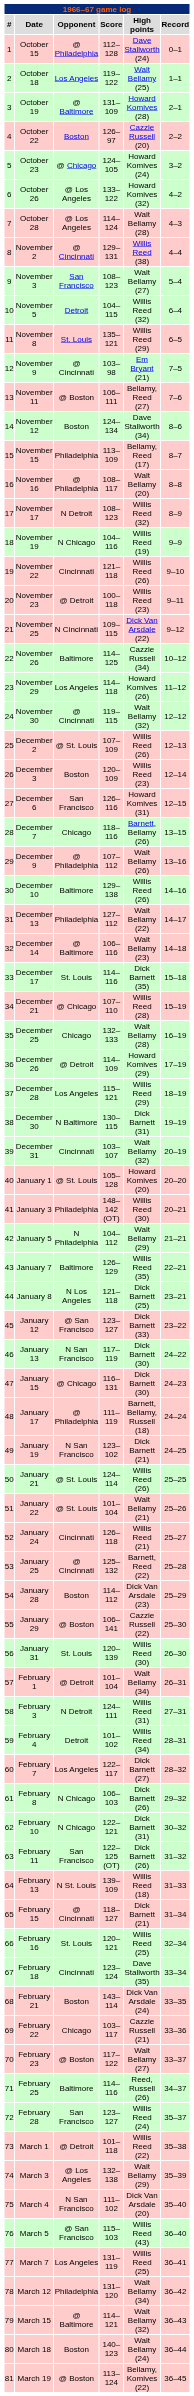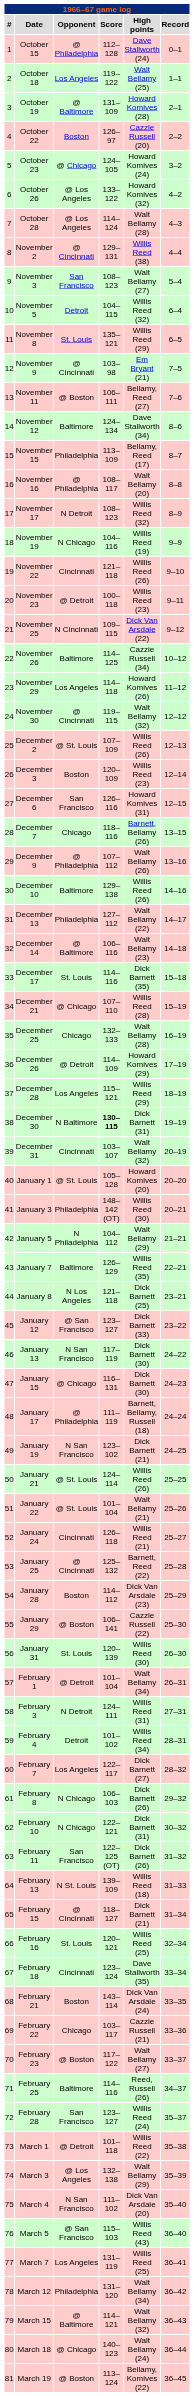 <table class="toccolours collapsible" width=50% style="clear:both; margin:1.5em auto; text-align:center">
 <tr>
 <th colspan=11 style="background:#062A78; color:#FF5F00;">1966–67 game log</th>
 </tr>
 <tr align="center" bgcolor="#dddddd">
 <td><strong>#</strong></td>
 <td><strong>Date</strong></td>
 <td><strong>Opponent</strong></td>
 <td><strong>Score</strong></td>
 <td><strong>High points</strong></td>
 <td><strong>Record</strong></td>
 </tr>
 <tr align="center" bgcolor="ffcccc">
 <td>1</td>
 <td>October 15</td>
 <td>@ <a href='#'>Philadelphia</a></td>
 <td>112–128</td>
 <td><a href='#'>Dave Stallworth</a> (24)</td>
 <td>0–1</td>
 </tr>
 <tr align="center" bgcolor="ccffcc">
 <td>2</td>
 <td>October 18</td>
 <td><a href='#'>Los Angeles</a></td>
 <td>119–122</td>
 <td><a href='#'>Walt Bellamy</a> (25)</td>
 <td>1–1</td>
 </tr>
 <tr align="center" bgcolor="ccffcc">
 <td>3</td>
 <td>October 19</td>
 <td>@ <a href='#'>Baltimore</a></td>
 <td>131–109</td>
 <td><a href='#'>Howard Komives</a> (28)</td>
 <td>2–1</td>
 </tr>
 <tr align="center" bgcolor="ffcccc">
 <td>4</td>
 <td>October 22</td>
 <td><a href='#'>Boston</a></td>
 <td>126–97</td>
 <td><a href='#'>Cazzie Russell</a> (20)</td>
 <td>2–2</td>
 </tr>
 <tr align="center" bgcolor="ccffcc">
 <td>5</td>
 <td>October 23</td>
 <td>@ <a href='#'>Chicago</a></td>
 <td>124–105</td>
 <td>Howard Komives (24)</td>
 <td>3–2</td>
 </tr>
 <tr align="center" bgcolor="ccffcc">
 <td>6</td>
 <td>October 26</td>
 <td>@ Los Angeles</td>
 <td>133–122</td>
 <td>Howard Komives (32)</td>
 <td>4–2</td>
 </tr>
 <tr align="center" bgcolor="ffcccc">
 <td>7</td>
 <td>October 28</td>
 <td>@ Los Angeles</td>
 <td>114–124</td>
 <td>Walt Bellamy (28)</td>
 <td>4–3</td>
 </tr>
 <tr align="center" bgcolor="ffcccc">
 <td>8</td>
 <td>November 2</td>
 <td>@ <a href='#'>Cincinnati</a></td>
 <td>129–131</td>
 <td><a href='#'>Willis Reed</a> (38)</td>
 <td>4–4</td>
 </tr>
 <tr align="center" bgcolor="ccffcc">
 <td>9</td>
 <td>November 3</td>
 <td><a href='#'>San Francisco</a></td>
 <td>108–123</td>
 <td>Walt Bellamy (27)</td>
 <td>5–4</td>
 </tr>
 <tr align="center" bgcolor="ccffcc">
 <td>10</td>
 <td>November 5</td>
 <td><a href='#'>Detroit</a></td>
 <td>104–115</td>
 <td>Willis Reed (32)</td>
 <td>6–4</td>
 </tr>
 <tr align="center" bgcolor="ffcccc">
 <td>11</td>
 <td>November 8</td>
 <td><a href='#'>St. Louis</a></td>
 <td>135–121</td>
 <td>Willis Reed (29)</td>
 <td>6–5</td>
 </tr>
 <tr align="center" bgcolor="ccffcc">
 <td>12</td>
 <td>November 9</td>
 <td>@ Cincinnati</td>
 <td>103–98</td>
 <td><a href='#'>Em Bryant</a> (21)</td>
 <td>7–5</td>
 </tr>
 <tr align="center" bgcolor="ffcccc">
 <td>13</td>
 <td>November 11</td>
 <td>@ Boston</td>
 <td>106–111</td>
 <td>Bellamy, Reed (27)</td>
 <td>7–6</td>
 </tr>
 <tr align="center" bgcolor="ccffcc">
 <td>14</td>
 <td>November 12</td>
-<td>Boston</td>
+<td>Baltimore</td>
 <td>124–134</td>
 <td>Dave Stallworth (34)</td>
 <td>8–6</td>
 </tr>
 <tr align="center" bgcolor="ffcccc">
 <td>15</td>
 <td>November 15</td>
 <td>Philadelphia</td>
 <td>113–109</td>
 <td>Bellamy, Reed (17)</td>
 <td>8–7</td>
 </tr>
 <tr align="center" bgcolor="ffcccc">
 <td>16</td>
 <td>November 16</td>
 <td>@ Philadelphia</td>
 <td>108–117</td>
 <td>Walt Bellamy (20)</td>
 <td>8–8</td>
 </tr>
 <tr align="center" bgcolor="ffcccc">
 <td>17</td>
 <td>November 17</td>
 <td>N Detroit</td>
 <td>108–123</td>
 <td>Willis Reed (32)</td>
 <td>8–9</td>
 </tr>
 <tr align="center" bgcolor="ccffcc">
 <td>18</td>
 <td>November 19</td>
 <td>N Chicago</td>
 <td>104–116</td>
 <td>Willis Reed (19)</td>
 <td>9–9</td>
 </tr>
 <tr align="center" bgcolor="ffcccc">
 <td>19</td>
 <td>November 22</td>
 <td>Cincinnati</td>
 <td>121–118</td>
 <td>Willis Reed (26)</td>
 <td>9–10</td>
 </tr>
 <tr align="center" bgcolor="ffcccc">
 <td>20</td>
 <td>November 23</td>
 <td>@ Detroit</td>
 <td>100–118</td>
 <td>Willis Reed (23)</td>
 <td>9–11</td>
 </tr>
 <tr align="center" bgcolor="ffcccc">
 <td>21</td>
 <td>November 25</td>
 <td>N Cincinnati</td>
 <td>109–115</td>
 <td><a href='#'>Dick Van Arsdale</a> (22)</td>
 <td>9–12</td>
 </tr>
 <tr align="center" bgcolor="ccffcc">
 <td>22</td>
 <td>November 26</td>
 <td>Baltimore</td>
 <td>114–125</td>
 <td>Cazzie Russell (34)</td>
 <td>10–12</td>
 </tr>
 <tr align="center" bgcolor="ccffcc">
 <td>23</td>
 <td>November 29</td>
 <td>Los Angeles</td>
 <td>114–118</td>
 <td>Howard Komives (26)</td>
 <td>11–12</td>
 </tr>
 <tr align="center" bgcolor="ccffcc">
 <td>24</td>
 <td>November 30</td>
 <td>@ Cincinnati</td>
 <td>119–115</td>
 <td>Walt Bellamy (32)</td>
 <td>12–12</td>
 </tr>
 <tr align="center" bgcolor="ffcccc">
 <td>25</td>
 <td>December 2</td>
 <td>@ St. Louis</td>
 <td>107–109</td>
 <td>Willis Reed (26)</td>
 <td>12–13</td>
 </tr>
 <tr align="center" bgcolor="ffcccc">
 <td>26</td>
 <td>December 3</td>
 <td>Boston</td>
 <td>120–109</td>
 <td>Willis Reed (23)</td>
 <td>12–14</td>
 </tr>
 <tr align="center" bgcolor="ffcccc">
 <td>27</td>
 <td>December 6</td>
 <td>San Francisco</td>
 <td>126–116</td>
 <td>Howard Komives (31)</td>
 <td>12–15</td>
 </tr>
 <tr align="center" bgcolor="ccffcc">
 <td>28</td>
 <td>December 7</td>
 <td>Chicago</td>
 <td>118–116</td>
 <td><a href='#'>Barnett</a>, Bellamy (26)</td>
 <td>13–15</td>
 </tr>
 <tr align="center" bgcolor="ffcccc">
 <td>29</td>
 <td>December 9</td>
 <td>@ Philadelphia</td>
 <td>107–112</td>
 <td>Walt Bellamy (26)</td>
 <td>13–16</td>
 </tr>
 <tr align="center" bgcolor="ccffcc">
 <td>30</td>
 <td>December 10</td>
 <td>Baltimore</td>
 <td>129–138</td>
 <td>Willis Reed (26)</td>
 <td>14–16</td>
 </tr>
 <tr align="center" bgcolor="ffcccc">
 <td>31</td>
 <td>December 13</td>
 <td>Philadelphia</td>
 <td>127–112</td>
 <td>Walt Bellamy (22)</td>
 <td>14–17</td>
 </tr>
 <tr align="center" bgcolor="ffcccc">
 <td>32</td>
 <td>December 14</td>
 <td>@ Baltimore</td>
 <td>106–116</td>
 <td>Walt Bellamy (23)</td>
 <td>14–18</td>
 </tr>
 <tr align="center" bgcolor="ccffcc">
 <td>33</td>
 <td>December 17</td>
 <td>St. Louis</td>
 <td>114–116</td>
 <td>Dick Barnett (35)</td>
 <td>15–18</td>
 </tr>
 <tr align="center" bgcolor="ffcccc">
 <td>34</td>
 <td>December 21</td>
 <td>@ Chicago</td>
 <td>107–110</td>
 <td>Willis Reed (28)</td>
 <td>15–19</td>
 </tr>
 <tr align="center" bgcolor="ccffcc">
 <td>35</td>
 <td>December 25</td>
 <td>Chicago</td>
 <td>132–133</td>
 <td>Walt Bellamy (28)</td>
 <td>16–19</td>
 </tr>
 <tr align="center" bgcolor="ccffcc">
 <td>36</td>
 <td>December 26</td>
 <td>@ Detroit</td>
 <td>114–109</td>
 <td>Howard Komives (29)</td>
 <td>17–19</td>
 </tr>
 <tr align="center" bgcolor="ccffcc">
 <td>37</td>
 <td>December 28</td>
 <td>Los Angeles</td>
 <td>115–121</td>
 <td>Willis Reed (29)</td>
 <td>18–19</td>
 </tr>
 <tr align="center" bgcolor="ccffcc">
 <td>38</td>
 <td>December 30</td>
 <td>N Baltimore</td>
-<td>130–115</td>
+<td><strong>130–115</strong></td>
 <td>Dick Barnett (31)</td>
 <td>19–19</td>
 </tr>
 <tr align="center" bgcolor="ccffcc">
 <td>39</td>
 <td>December 31</td>
 <td>Cincinnati</td>
 <td>103–107</td>
 <td>Walt Bellamy (32)</td>
 <td>20–19</td>
 </tr>
 <tr align="center" bgcolor="ffcccc">
 <td>40</td>
 <td>January 1</td>
 <td>@ St. Louis</td>
 <td>105–128</td>
 <td>Howard Komives (20)</td>
 <td>20–20</td>
 </tr>
 <tr align="center" bgcolor="ffcccc">
 <td>41</td>
 <td>January 3</td>
 <td>Philadelphia</td>
 <td>148–142 (OT)</td>
 <td>Willis Reed (30)</td>
 <td>20–21</td>
 </tr>
 <tr align="center" bgcolor="ccffcc">
 <td>42</td>
 <td>January 5</td>
 <td>N Philadelphia</td>
 <td>104–112</td>
 <td>Walt Bellamy (29)</td>
 <td>21–21</td>
 </tr>
 <tr align="center" bgcolor="ccffcc">
 <td>43</td>
 <td>January 7</td>
 <td>Baltimore</td>
 <td>126–129</td>
 <td>Willis Reed (35)</td>
 <td>22–21</td>
 </tr>
 <tr align="center" bgcolor="ccffcc">
 <td>44</td>
 <td>January 8</td>
 <td>N Los Angeles</td>
 <td>121–118</td>
 <td>Dick Barnett (25)</td>
 <td>23–21</td>
 </tr>
 <tr align="center" bgcolor="ffcccc">
 <td>45</td>
 <td>January 12</td>
 <td>@ San Francisco</td>
 <td>123–127</td>
 <td>Dick Barnett (33)</td>
 <td>23–22</td>
 </tr>
 <tr align="center" bgcolor="ccffcc">
 <td>46</td>
 <td>January 13</td>
 <td>N San Francisco</td>
 <td>117–119</td>
 <td>Dick Barnett (30)</td>
 <td>24–22</td>
 </tr>
 <tr align="center" bgcolor="ffcccc">
 <td>47</td>
 <td>January 15</td>
 <td>@ Chicago</td>
 <td>116–131</td>
 <td>Dick Barnett (30)</td>
 <td>24–23</td>
 </tr>
 <tr align="center" bgcolor="ffcccc">
 <td>48</td>
 <td>January 17</td>
 <td>@ Philadelphia</td>
 <td>111–119</td>
 <td>Barnett, Bellamy, Russell (18)</td>
 <td>24–24</td>
 </tr>
 <tr align="center" bgcolor="ffcccc">
 <td>49</td>
 <td>January 19</td>
 <td>N San Francisco</td>
 <td>123–102</td>
 <td>Dick Barnett (21)</td>
 <td>24–25</td>
 </tr>
 <tr align="center" bgcolor="ccffcc">
 <td>50</td>
 <td>January 21</td>
 <td>@ St. Louis</td>
 <td>124–114</td>
 <td>Willis Reed (26)</td>
 <td>25–25</td>
 </tr>
 <tr align="center" bgcolor="ffcccc">
 <td>51</td>
 <td>January 22</td>
 <td>@ St. Louis</td>
 <td>101–104</td>
 <td>Walt Bellamy (21)</td>
 <td>25–26</td>
 </tr>
 <tr align="center" bgcolor="ffcccc">
 <td>52</td>
 <td>January 24</td>
 <td>Cincinnati</td>
 <td>126–118</td>
 <td>Willis Reed (21)</td>
 <td>25–27</td>
 </tr>
 <tr align="center" bgcolor="ffcccc">
 <td>53</td>
 <td>January 25</td>
 <td>@ Cincinnati</td>
 <td>125–132</td>
 <td>Barnett, Reed (22)</td>
 <td>25–28</td>
 </tr>
 <tr align="center" bgcolor="ffcccc">
 <td>54</td>
 <td>January 28</td>
 <td>Boston</td>
 <td>114–112</td>
 <td>Dick Van Arsdale (23)</td>
 <td>25–29</td>
 </tr>
 <tr align="center" bgcolor="ffcccc">
 <td>55</td>
 <td>January 29</td>
 <td>@ Boston</td>
 <td>106–141</td>
 <td>Cazzie Russell (22)</td>
 <td>25–30</td>
 </tr>
 <tr align="center" bgcolor="ccffcc">
 <td>56</td>
 <td>January 31</td>
 <td>St. Louis</td>
 <td>120–139</td>
 <td>Willis Reed (30)</td>
 <td>26–30</td>
 </tr>
 <tr align="center" bgcolor="ffcccc">
 <td>57</td>
 <td>February 1</td>
 <td>@ Detroit</td>
 <td>101–104</td>
 <td>Walt Bellamy (34)</td>
 <td>26–31</td>
 </tr>
 <tr align="center" bgcolor="ccffcc">
 <td>58</td>
 <td>February 3</td>
 <td>N Detroit</td>
 <td>124–111</td>
 <td>Willis Reed (31)</td>
 <td>27–31</td>
 </tr>
 <tr align="center" bgcolor="ccffcc">
 <td>59</td>
 <td>February 4</td>
 <td>Detroit</td>
 <td>101–102</td>
 <td>Willis Reed (34)</td>
 <td>28–31</td>
 </tr>
 <tr align="center" bgcolor="ffcccc">
 <td>60</td>
 <td>February 7</td>
 <td>Los Angeles</td>
 <td>122–117</td>
 <td>Dick Barnett (27)</td>
 <td>28–32</td>
 </tr>
 <tr align="center" bgcolor="ccffcc">
 <td>61</td>
 <td>February 8</td>
 <td>N Chicago</td>
 <td>106–103</td>
 <td>Dick Barnett (26)</td>
 <td>29–32</td>
 </tr>
 <tr align="center" bgcolor="ccffcc">
 <td>62</td>
 <td>February 10</td>
 <td>N Chicago</td>
 <td>122–121</td>
 <td>Dick Barnett (31)</td>
 <td>30–32</td>
 </tr>
 <tr align="center" bgcolor="ccffcc">
 <td>63</td>
 <td>February 11</td>
 <td>San Francisco</td>
 <td>122–125 (OT)</td>
 <td>Dick Barnett (26)</td>
 <td>31–32</td>
 </tr>
 <tr align="center" bgcolor="ffcccc">
 <td>64</td>
 <td>February 13</td>
 <td>N St. Louis</td>
 <td>139–109</td>
 <td>Willis Reed (18)</td>
 <td>31–33</td>
 </tr>
 <tr align="center" bgcolor="ffcccc">
 <td>65</td>
 <td>February 15</td>
 <td>@ Cincinnati</td>
 <td>118–127</td>
 <td>Dick Barnett (21)</td>
 <td>31–34</td>
 </tr>
 <tr align="center" bgcolor="ccffcc">
 <td>66</td>
 <td>February 16</td>
 <td>St. Louis</td>
 <td>120–121</td>
 <td>Willis Reed (25)</td>
 <td>32–34</td>
 </tr>
 <tr align="center" bgcolor="ccffcc">
 <td>67</td>
 <td>February 18</td>
 <td>Cincinnati</td>
 <td>123–124</td>
 <td>Dave Stallworth (35)</td>
 <td>33–34</td>
 </tr>
 <tr align="center" bgcolor="ffcccc">
 <td>68</td>
 <td>February 21</td>
 <td>Boston</td>
 <td>143–114</td>
 <td>Dick Van Arsdale (24)</td>
 <td>33–35</td>
 </tr>
 <tr align="center" bgcolor="ffcccc">
 <td>69</td>
 <td>February 22</td>
 <td>Chicago</td>
 <td>103–117</td>
 <td>Cazzie Russell (21)</td>
 <td>33–36</td>
 </tr>
 <tr align="center" bgcolor="ffcccc">
 <td>70</td>
 <td>February 23</td>
 <td>@ Boston</td>
 <td>117–122</td>
 <td>Walt Bellamy (27)</td>
 <td>33–37</td>
 </tr>
 <tr align="center" bgcolor="ccffcc">
 <td>71</td>
 <td>February 25</td>
 <td>Baltimore</td>
 <td>114–116</td>
 <td>Reed, Russell (26)</td>
 <td>34–37</td>
 </tr>
 <tr align="center" bgcolor="ccffcc">
 <td>72</td>
 <td>February 28</td>
 <td>San Francisco</td>
 <td>123–127</td>
 <td>Willis Reed (24)</td>
 <td>35–37</td>
 </tr>
 <tr align="center" bgcolor="ffcccc">
 <td>73</td>
 <td>March 1</td>
 <td>@ Detroit</td>
 <td>101–118</td>
 <td>Willis Reed (22)</td>
 <td>35–38</td>
 </tr>
 <tr align="center" bgcolor="ffcccc">
 <td>74</td>
 <td>March 3</td>
 <td>@ Los Angeles</td>
 <td>132–138</td>
 <td>Walt Bellamy (29)</td>
 <td>35–39</td>
 </tr>
 <tr align="center" bgcolor="ffcccc">
 <td>75</td>
 <td>March 4</td>
 <td>N San Francisco</td>
 <td>111–102</td>
 <td>Dick Van Arsdale (20)</td>
 <td>35–40</td>
 </tr>
 <tr align="center" bgcolor="ccffcc">
 <td>76</td>
 <td>March 5</td>
 <td>@ San Francisco</td>
 <td>115–103</td>
 <td>Willis Reed (43)</td>
 <td>36–40</td>
 </tr>
 <tr align="center" bgcolor="ffcccc">
 <td>77</td>
 <td>March 7</td>
 <td>Los Angeles</td>
 <td>131–119</td>
 <td>Willis Reed (25)</td>
 <td>36–41</td>
 </tr>
 <tr align="center" bgcolor="ffcccc">
 <td>78</td>
 <td>March 12</td>
 <td>Philadelphia</td>
 <td>131–120</td>
 <td>Walt Bellamy (34)</td>
 <td>36–42</td>
 </tr>
 <tr align="center" bgcolor="ffcccc">
 <td>79</td>
 <td>March 15</td>
 <td>@ Baltimore</td>
 <td>114–121</td>
 <td>Walt Bellamy (32)</td>
 <td>36–43</td>
 </tr>
 <tr align="center" bgcolor="ffcccc">
 <td>80</td>
 <td>March 18</td>
-<td>Boston</td>
+<td>@ Chicago</td>
 <td>140–123</td>
 <td>Walt Bellamy (24)</td>
 <td>36–44</td>
 </tr>
 <tr align="center" bgcolor="ffcccc">
 <td>81</td>
 <td>March 19</td>
 <td>@ Boston</td>
 <td>113–124</td>
 <td>Bellamy, Komives (22)</td>
 <td>36–45</td>
 </tr>
 </table>
